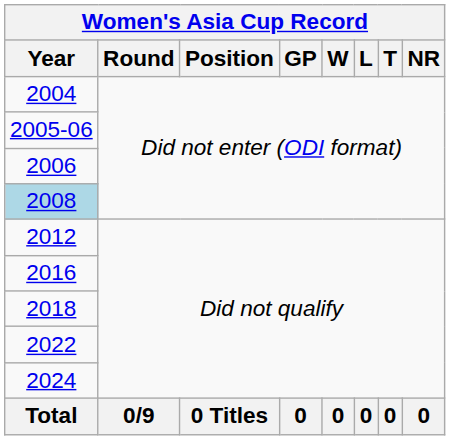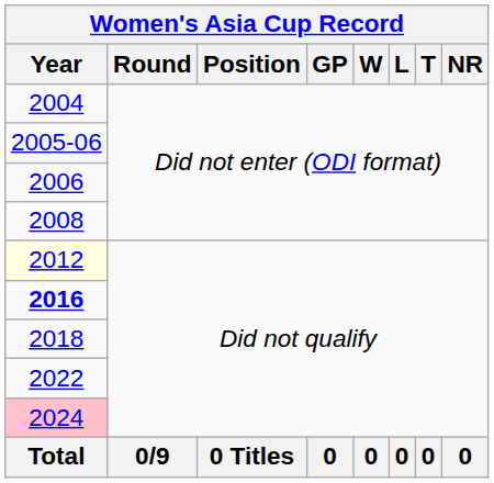 <table class="wikitable" style="text-align: center; width=900px;">
 <tr>
 <th colspan="8"><a href='#'>Women's Asia Cup Record</a></th>
 </tr>
 <tr>
 <th>Year</th>
 <th>Round</th>
 <th>Position</th>
 <th>GP</th>
 <th>W</th>
 <th>L</th>
 <th>T</th>
 <th>NR</th>
 </tr>
 <tr>
 <td><a href='#'>2004</a> </td>
 <td colspan="7" rowspan="4"><em>Did not enter (<a href='#'>ODI</a> format)</em></td>
 </tr>
 <tr>
 <td><a href='#'>2005-06</a> </td>
 </tr>
 <tr>
 <td><a href='#'>2006</a> </td>
 </tr>
 <tr>
-<td style="background: lightblue;"><a href='#'>2008</a> </td>
+<td><a href='#'>2008</a> </td>
 </tr>
 <tr>
-<td><a href='#'>2012</a> </td>
+<td style="background: lightyellow;"><a href='#'>2012</a> </td>
 <td colspan="7" rowspan="5"><em>Did not qualify</em></td>
 </tr>
 <tr>
-<td><a href='#'>2016</a> </td>
+<td><strong><a href='#'>2016</a> </strong></td>
 </tr>
 <tr>
 <td><a href='#'>2018</a> </td>
 </tr>
 <tr>
 <td><a href='#'>2022</a> </td>
 </tr>
 <tr>
-<td><a href='#'>2024</a> </td>
+<td style="background: pink;"><a href='#'>2024</a> </td>
 </tr>
 <tr>
 <th>Total</th>
 <th>0/9</th>
 <th>0 Titles</th>
 <th>0</th>
 <th>0</th>
 <th>0</th>
 <th>0</th>
 <th>0</th>
 </tr>
 </table>
